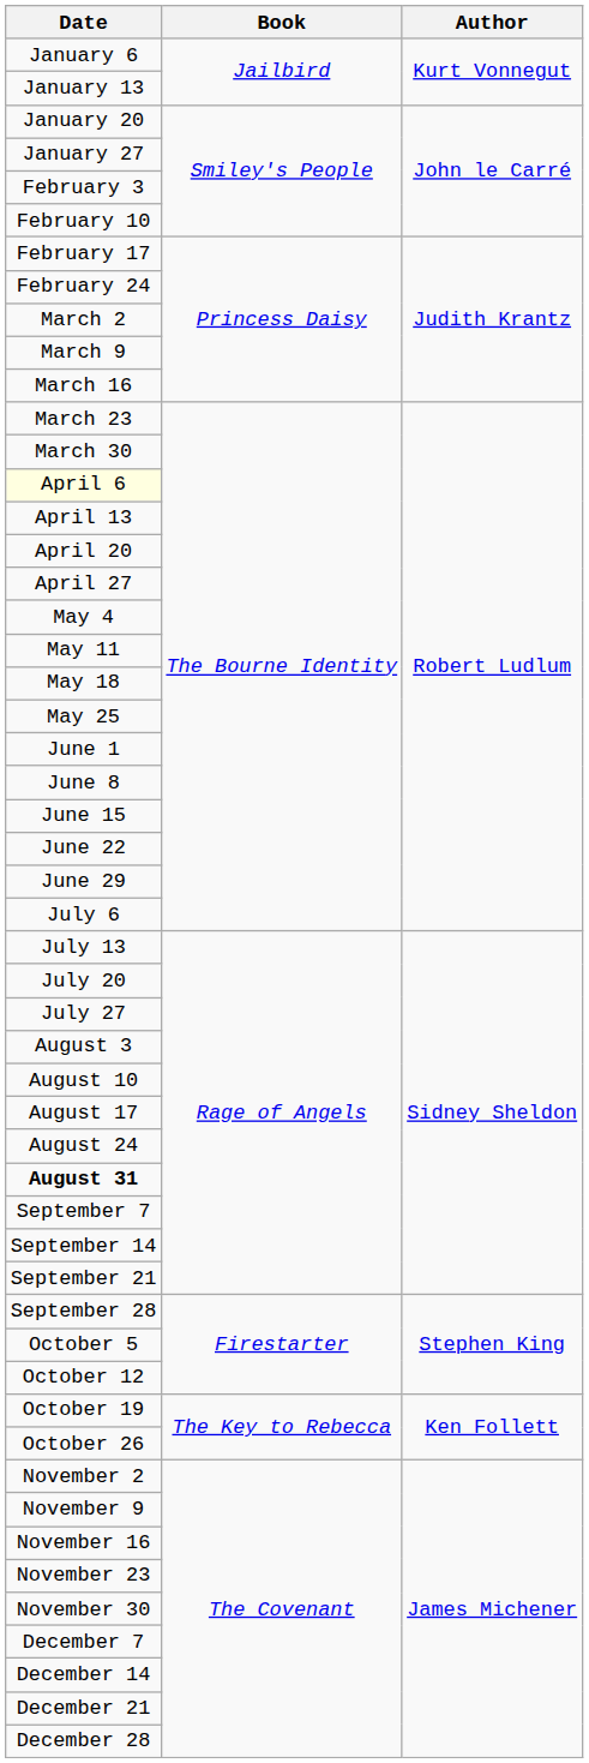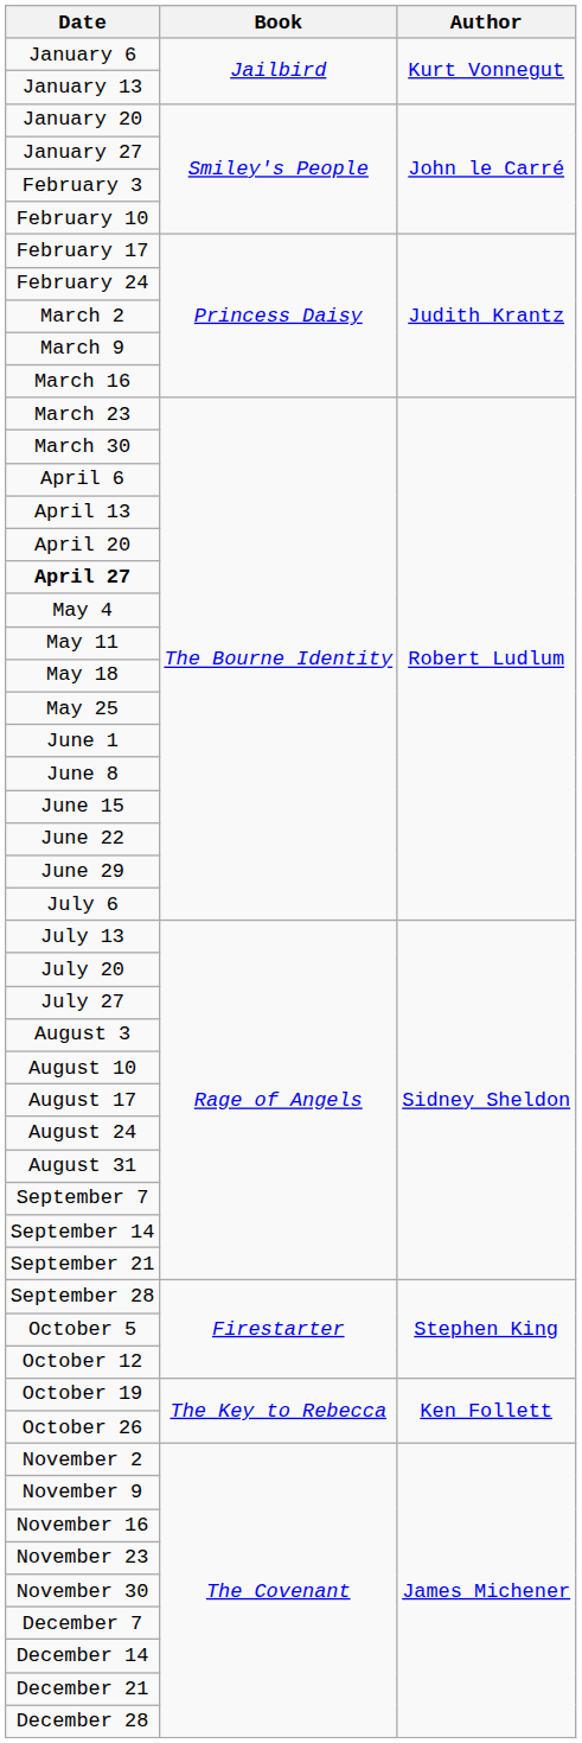 <table class="wikitable sortable" style="text-align: center">
 <tr>
 <th>Date</th>
 <th>Book</th>
 <th>Author</th>
 </tr>
 <tr>
 <td>January 6</td>
 <td rowspan=2><em><a href='#'>Jailbird</a></em></td>
 <td rowspan=2><a href='#'>Kurt Vonnegut</a></td>
 </tr>
 <tr>
 <td>January 13</td>
 </tr>
 <tr>
 <td>January 20</td>
 <td rowspan=4><em><a href='#'>Smiley's People</a></em></td>
 <td rowspan=4><a href='#'>John le Carré</a></td>
 </tr>
 <tr>
 <td>January 27</td>
 </tr>
 <tr>
 <td>February 3</td>
 </tr>
 <tr>
 <td>February 10</td>
 </tr>
 <tr>
 <td>February 17</td>
 <td rowspan=5><em><a href='#'>Princess Daisy</a></em></td>
 <td rowspan=5><a href='#'>Judith Krantz</a></td>
 </tr>
 <tr>
 <td>February 24</td>
 </tr>
 <tr>
 <td>March 2</td>
 </tr>
 <tr>
 <td>March 9</td>
 </tr>
 <tr>
 <td>March 16</td>
 </tr>
 <tr>
 <td>March 23</td>
 <td rowspan=16><em><a href='#'>The Bourne Identity</a></em></td>
 <td rowspan=16><a href='#'>Robert Ludlum</a></td>
 </tr>
 <tr>
 <td>March 30</td>
 </tr>
 <tr>
-<td style="background: lightyellow;">April 6</td>
+<td>April 6</td>
 </tr>
 <tr>
 <td>April 13</td>
 </tr>
 <tr>
 <td>April 20</td>
 </tr>
 <tr>
-<td>April 27</td>
+<td><strong>April 27</strong></td>
 </tr>
 <tr>
 <td>May 4</td>
 </tr>
 <tr>
 <td>May 11</td>
 </tr>
 <tr>
 <td>May 18</td>
 </tr>
 <tr>
 <td>May 25</td>
 </tr>
 <tr>
 <td>June 1</td>
 </tr>
 <tr>
 <td>June 8</td>
 </tr>
 <tr>
 <td>June 15</td>
 </tr>
 <tr>
 <td>June 22</td>
 </tr>
 <tr>
 <td>June 29</td>
 </tr>
 <tr>
 <td>July 6</td>
 </tr>
 <tr>
 <td>July 13</td>
 <td rowspan=11><em><a href='#'>Rage of Angels</a></em></td>
 <td rowspan=11><a href='#'>Sidney Sheldon</a></td>
 </tr>
 <tr>
 <td>July 20</td>
 </tr>
 <tr>
 <td>July 27</td>
 </tr>
 <tr>
 <td>August 3</td>
 </tr>
 <tr>
 <td>August 10</td>
 </tr>
 <tr>
 <td>August 17</td>
 </tr>
 <tr>
 <td>August 24</td>
 </tr>
 <tr>
-<td><strong>August 31</strong></td>
+<td>August 31</td>
 </tr>
 <tr>
 <td>September 7</td>
 </tr>
 <tr>
 <td>September 14</td>
 </tr>
 <tr>
 <td>September 21</td>
 </tr>
 <tr>
 <td>September 28</td>
 <td rowspan=3><em><a href='#'>Firestarter</a></em></td>
 <td rowspan=3><a href='#'>Stephen King</a></td>
 </tr>
 <tr>
 <td>October 5</td>
 </tr>
 <tr>
 <td>October 12</td>
 </tr>
 <tr>
 <td>October 19</td>
 <td rowspan=2><em><a href='#'>The Key to Rebecca</a></em></td>
 <td rowspan=2><a href='#'>Ken Follett</a></td>
 </tr>
 <tr>
 <td>October 26</td>
 </tr>
 <tr>
 <td>November 2</td>
 <td rowspan=9><em><a href='#'>The Covenant</a></em></td>
 <td rowspan=9><a href='#'>James Michener</a></td>
 </tr>
 <tr>
 <td>November 9</td>
 </tr>
 <tr>
 <td>November 16</td>
 </tr>
 <tr>
 <td>November 23</td>
 </tr>
 <tr>
 <td>November 30</td>
 </tr>
 <tr>
 <td>December 7</td>
 </tr>
 <tr>
 <td>December 14</td>
 </tr>
 <tr>
 <td>December 21</td>
 </tr>
 <tr>
 <td>December 28</td>
 </tr>
 </table>
